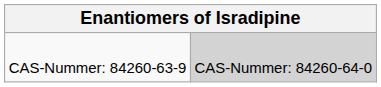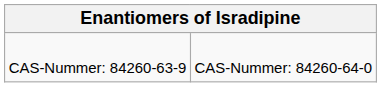 <table class="wikitable" style="text-align:center">
 <tr class="hintergrundfarbe6">
 <th colspan="2">Enantiomers of Isradipine</th>
 </tr>
 <tr>
 <td><br><small> CAS-Nummer: 84260-63-9</small></td>
-<td style="background: lightgrey;"><br><small> CAS-Nummer: 84260-64-0</small></td>
+<td><br><small> CAS-Nummer: 84260-64-0</small></td>
 </tr>
 </table>
